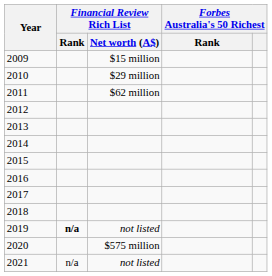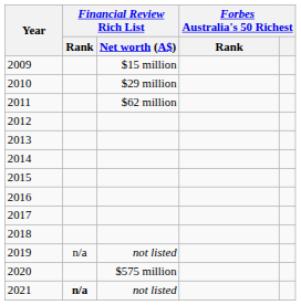 <table class="wikitable">
 <tr>
 <th rowspan=2>Year</th>
 <th colspan=2 width=40%><em><a href='#'>Financial Review</a></em><br><a href='#'>Rich List</a></th>
 <th colspan=2 width=40%><em><a href='#'>Forbes</a></em><br><a href='#'>Australia's 50 Richest</a></th>
 </tr>
 <tr>
 <th>Rank</th>
 <th><a href='#'>Net worth</a> (<a href='#'>A$</a>)</th>
 <th>Rank</th>
 <th></th>
 </tr>
 <tr>
 <td>2009</td>
 <td align="center"></td>
 <td align="right">$15 million</td>
 <td align="center"></td>
 <td align="right"></td>
 </tr>
 <tr>
 <td>2010</td>
 <td align="center"></td>
 <td align="right">$29 million </td>
 <td align="center"></td>
 <td align="right"></td>
 </tr>
 <tr>
 <td>2011</td>
 <td align="center"></td>
 <td align="right">$62 million </td>
 <td align="center"></td>
 <td align="right"></td>
 </tr>
 <tr>
 <td>2012</td>
 <td align="center"></td>
 <td align="right"></td>
 <td align="center"></td>
 <td align="right"></td>
 </tr>
 <tr>
 <td>2013</td>
 <td align="center"></td>
 <td align="right"></td>
 <td align="center"></td>
 <td align="right"></td>
 </tr>
 <tr>
 <td>2014</td>
 <td align="center"> </td>
 <td align="right"></td>
 <td align="center"></td>
 <td align="right"></td>
 </tr>
 <tr>
 <td>2015</td>
 <td align="center"></td>
 <td align="right"></td>
 <td align="center"></td>
 <td align="right"></td>
 </tr>
 <tr>
 <td>2016</td>
 <td align="center"></td>
 <td align="right"></td>
 <td align="center"></td>
 <td align="right"></td>
 </tr>
 <tr>
 <td>2017</td>
 <td align="center"></td>
 <td align="right"></td>
 <td align="center"></td>
 <td align="right"></td>
 </tr>
 <tr>
 <td>2018</td>
 <td align="center"></td>
 <td align="right"></td>
 <td align="center"></td>
 <td align="right"></td>
 </tr>
 <tr>
 <td>2019</td>
-<td align="center"><strong>n/a</strong></td>
+<td align="center">n/a</td>
 <td align="right"><em>not listed</em></td>
 <td align="center"></td>
 <td align="right"></td>
 </tr>
 <tr>
 <td>2020</td>
 <td align="center"></td>
 <td align="right">$575 million </td>
 <td align="center"></td>
 <td align="right"></td>
 </tr>
 <tr>
 <td>2021</td>
-<td align="center">n/a</td>
+<td align="center"><strong>n/a</strong></td>
 <td align="right"><em>not listed</em></td>
 <td align="center"></td>
 <td align="right"></td>
 </tr>
 </table>
